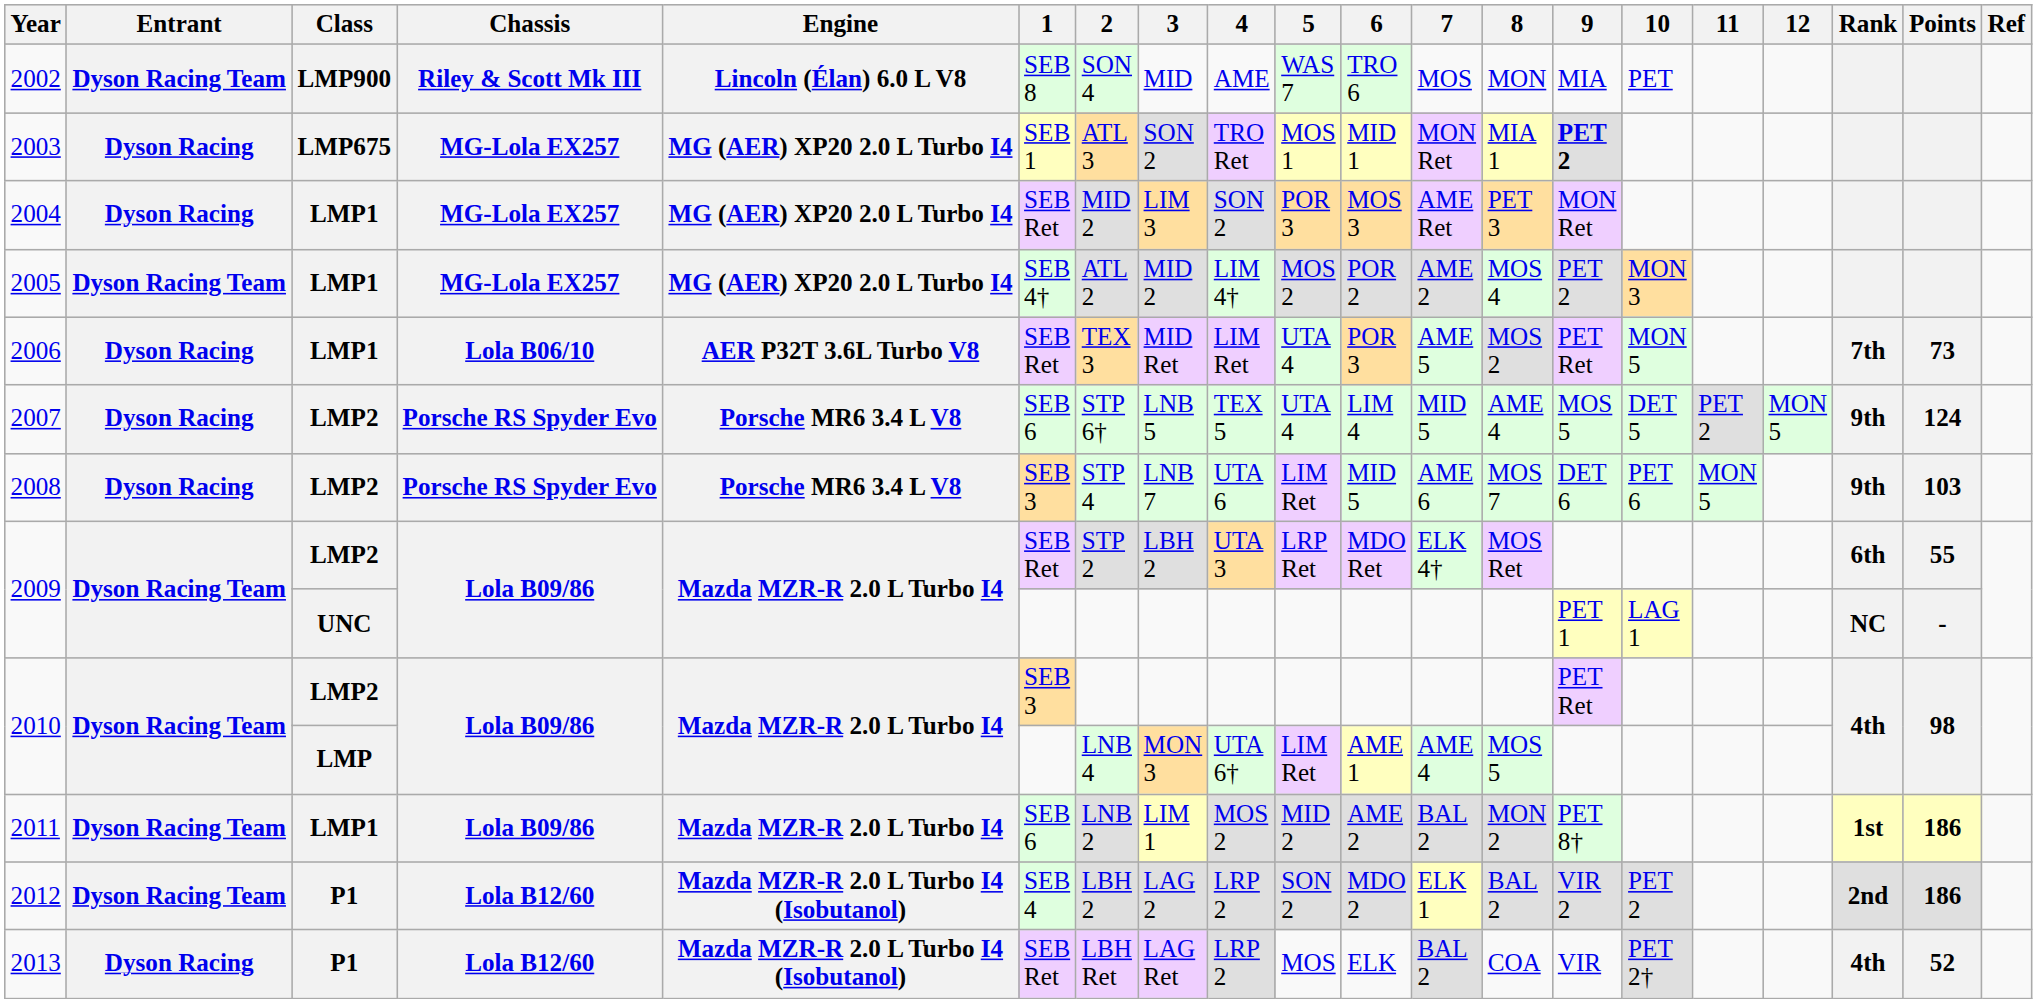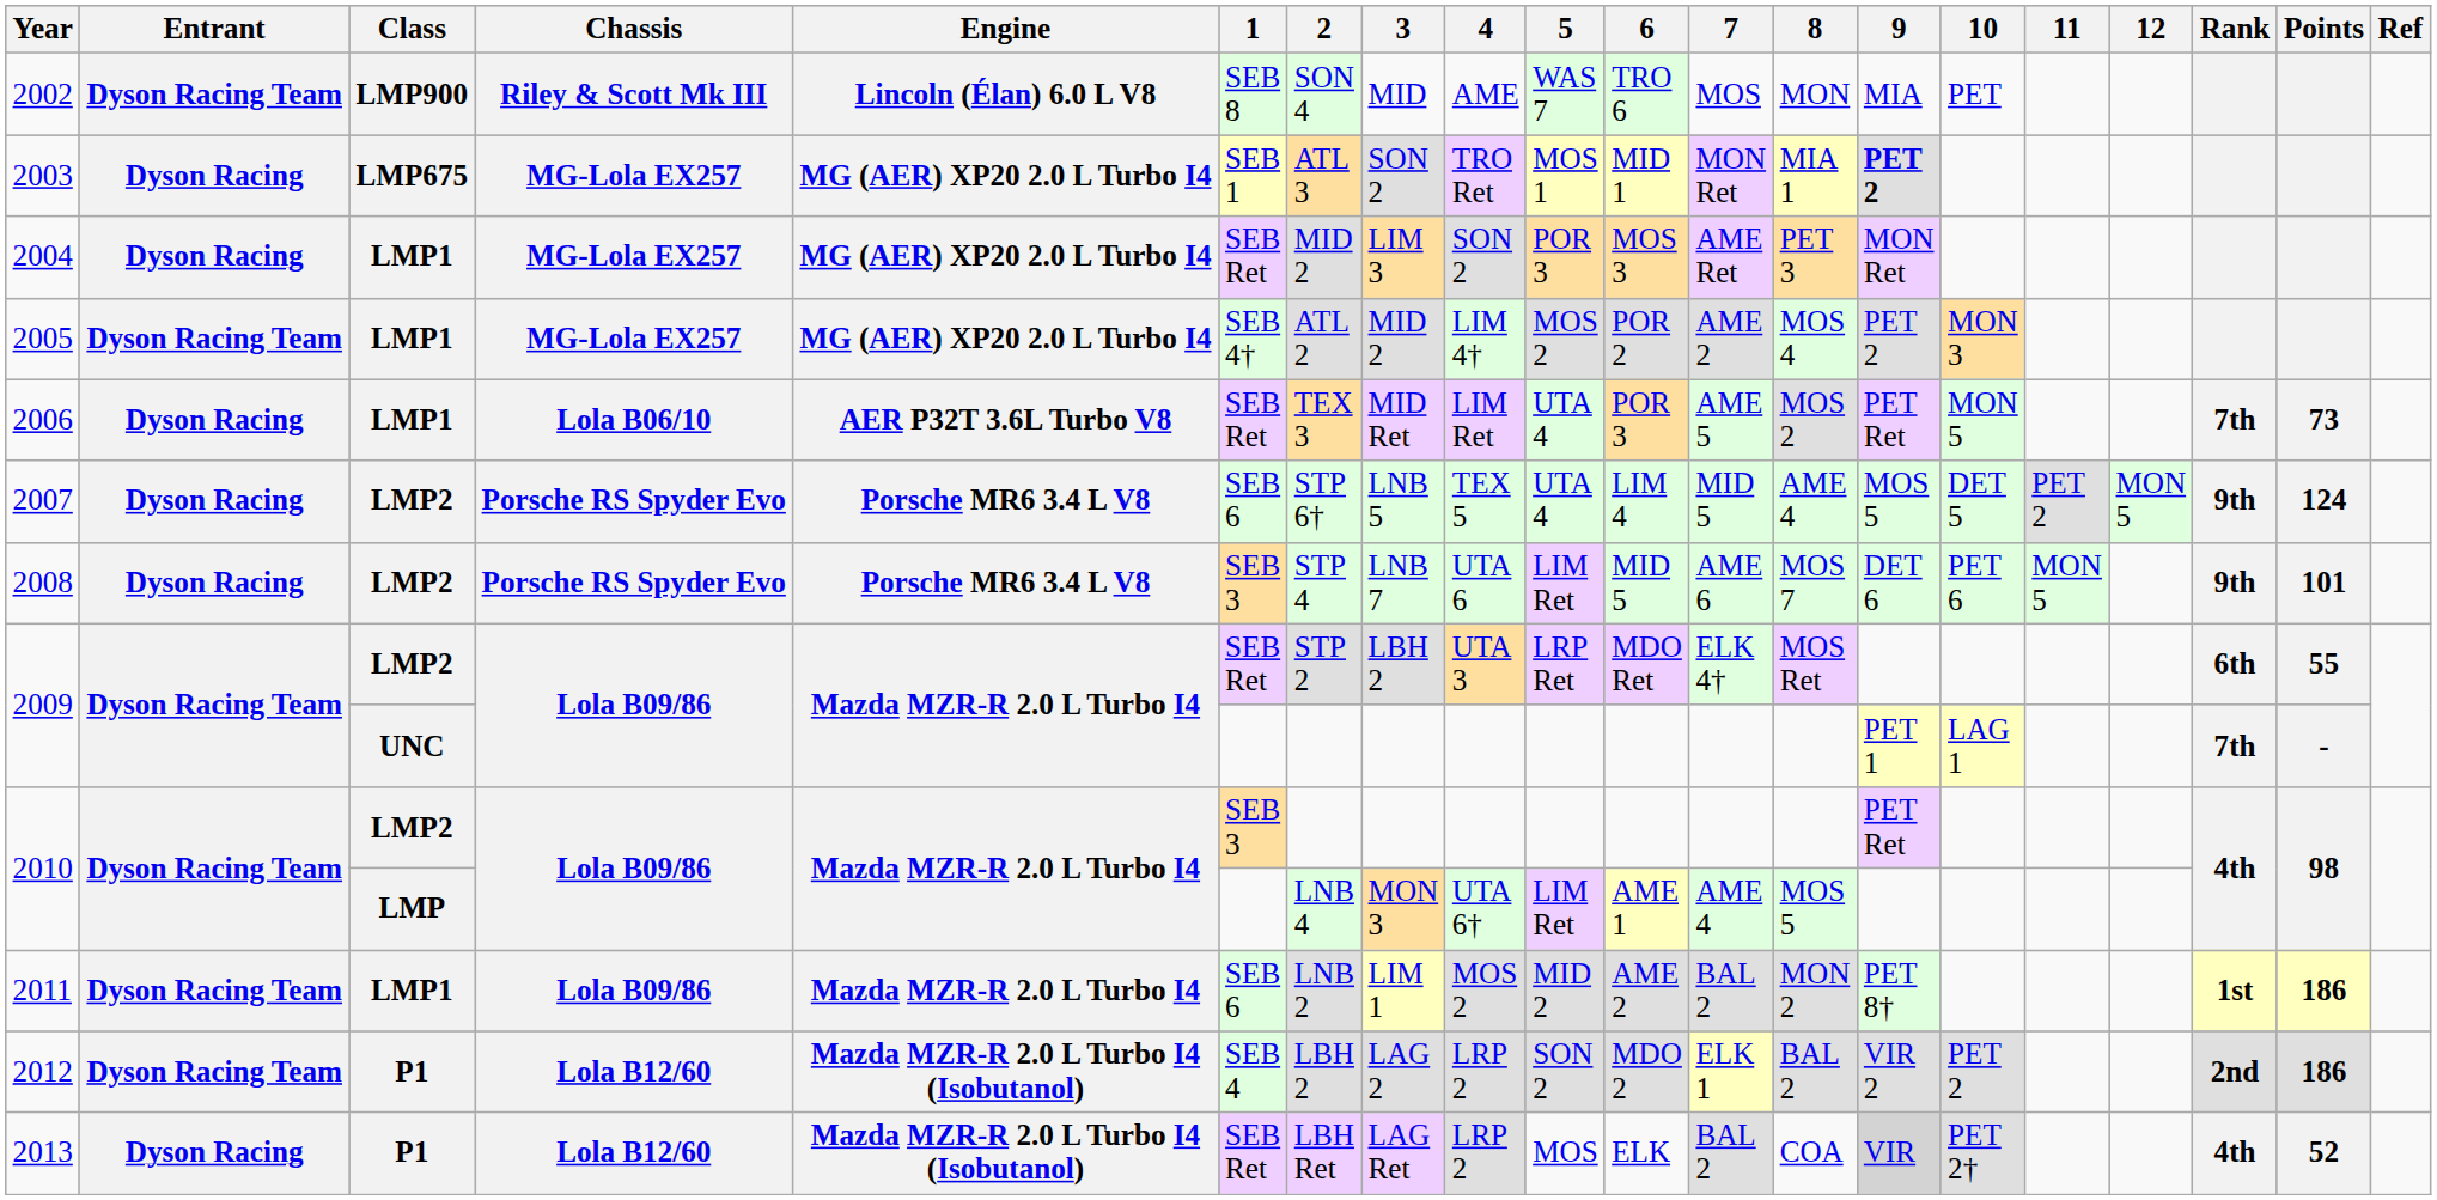 <table class="wikitable">
 <tr>
 <th>Year</th>
 <th>Entrant</th>
 <th>Class</th>
 <th>Chassis</th>
 <th>Engine</th>
 <th>1</th>
 <th>2</th>
 <th>3</th>
 <th>4</th>
 <th>5</th>
 <th>6</th>
 <th>7</th>
 <th>8</th>
 <th>9</th>
 <th>10</th>
 <th>11</th>
 <th>12</th>
 <th>Rank</th>
 <th>Points</th>
 <th>Ref</th>
 </tr>
 <tr>
 <td><a href='#'>2002</a></td>
 <th><a href='#'>Dyson Racing Team</a></th>
 <th>LMP900</th>
 <th><a href='#'>Riley & Scott Mk III</a></th>
 <th><a href='#'>Lincoln</a> (<a href='#'>Élan</a>) 6.0 L V8</th>
 <td style="background:#DFFFDF;"><a href='#'>SEB</a><br>8</td>
 <td style="background:#DFFFDF;"><a href='#'>SON</a><br>4</td>
 <td><a href='#'>MID</a><br></td>
 <td><a href='#'>AME</a><br></td>
 <td style="background:#DFFFDF;"><a href='#'>WAS</a><br>7</td>
 <td style="background:#DFFFDF;"><a href='#'>TRO</a><br>6</td>
 <td><a href='#'>MOS</a><br></td>
 <td><a href='#'>MON</a><br></td>
 <td><a href='#'>MIA</a><br></td>
 <td><a href='#'>PET</a><br></td>
 <td></td>
 <td></td>
 <th></th>
 <th></th>
 <td></td>
 </tr>
 <tr>
 <td><a href='#'>2003</a></td>
 <th><a href='#'>Dyson Racing</a></th>
 <th>LMP675</th>
 <th><a href='#'>MG-Lola EX257</a></th>
 <th><a href='#'>MG</a> (<a href='#'>AER</a>) XP20 2.0 L Turbo <a href='#'>I4</a></th>
 <td style="background:#FFFFBF;”"><a href='#'>SEB</a><br>1</td>
 <td style="background:#FFDF9F;”"><a href='#'>ATL</a><br>3</td>
 <td style="background:#DFDFDF;”"><a href='#'>SON</a><br>2</td>
 <td style="background:#EFCFFF;"><a href='#'>TRO</a><br>Ret</td>
 <td style="background:#FFFFBF;”"><a href='#'>MOS</a><br>1</td>
 <td style="background:#FFFFBF;”"><a href='#'>MID</a><br>1</td>
 <td style="background:#EFCFFF;"><a href='#'>MON</a><br>Ret</td>
 <td style="background:#FFFFBF;”"><a href='#'>MIA</a><br>1</td>
 <td style="background:#DFDFDF;”"><strong><a href='#'>PET</a><br>2</strong></td>
 <td></td>
 <td></td>
 <td></td>
 <th></th>
 <th></th>
 <td></td>
 </tr>
 <tr>
 <td><a href='#'>2004</a></td>
 <th><a href='#'>Dyson Racing</a></th>
 <th>LMP1</th>
 <th><a href='#'>MG-Lola EX257</a></th>
 <th><a href='#'>MG</a> (<a href='#'>AER</a>) XP20 2.0 L Turbo <a href='#'>I4</a></th>
 <td style="background:#EFCFFF;"><a href='#'>SEB</a><br>Ret</td>
 <td style="background:#DFDFDF;”"><a href='#'>MID</a><br>2</td>
 <td style="background:#FFDF9F;”"><a href='#'>LIM</a><br>3</td>
 <td style="background:#DFDFDF;”"><a href='#'>SON</a><br>2</td>
 <td style="background:#FFDF9F;”"><a href='#'>POR</a><br>3</td>
 <td style="background:#FFDF9F;”"><a href='#'>MOS</a><br>3</td>
 <td style="background:#EFCFFF;"><a href='#'>AME</a><br>Ret</td>
 <td style="background:#FFDF9F;”"><a href='#'>PET</a><br>3</td>
 <td style="background:#EFCFFF;"><a href='#'>MON</a><br>Ret</td>
 <td></td>
 <td></td>
 <td></td>
 <th></th>
 <th></th>
 <td></td>
 </tr>
 <tr>
 <td><a href='#'>2005</a></td>
 <th><a href='#'>Dyson Racing Team</a></th>
 <th>LMP1</th>
 <th><a href='#'>MG-Lola EX257</a></th>
 <th><a href='#'>MG</a> (<a href='#'>AER</a>) XP20 2.0 L Turbo <a href='#'>I4</a></th>
 <td style="background:#DFFFDF;"><a href='#'>SEB</a><br>4†</td>
 <td style="background:#DFDFDF;”"><a href='#'>ATL</a><br>2</td>
 <td style="background:#DFDFDF;”"><a href='#'>MID</a><br>2</td>
 <td style="background:#DFFFDF;"><a href='#'>LIM</a><br>4†</td>
 <td style="background:#DFDFDF;”"><a href='#'>MOS</a><br>2</td>
 <td style="background:#DFDFDF;”"><a href='#'>POR</a><br>2</td>
 <td style="background:#DFDFDF;”"><a href='#'>AME</a><br>2</td>
 <td style="background:#DFFFDF;"><a href='#'>MOS</a><br>4</td>
 <td style="background:#DFDFDF;”"><a href='#'>PET</a><br>2</td>
 <td style="background:#FFDF9F;”"><a href='#'>MON</a><br>3</td>
 <td></td>
 <td></td>
 <th></th>
 <th></th>
 <td></td>
 </tr>
 <tr>
 <td><a href='#'>2006</a></td>
 <th><a href='#'>Dyson Racing</a></th>
 <th>LMP1</th>
 <th><a href='#'>Lola B06/10</a></th>
 <th><a href='#'>AER</a> P32T 3.6L Turbo <a href='#'>V8</a></th>
 <td style="background:#EFCFFF;"><a href='#'>SEB</a><br>Ret</td>
 <td style="background:#FFDF9F;”"><a href='#'>TEX</a><br>3</td>
 <td style="background:#EFCFFF;"><a href='#'>MID</a><br>Ret</td>
 <td style="background:#EFCFFF;"><a href='#'>LIM</a><br>Ret</td>
 <td style="background:#DFFFDF;"><a href='#'>UTA</a><br>4</td>
 <td style="background:#FFDF9F;”"><a href='#'>POR</a><br>3</td>
 <td style="background:#DFFFDF;"><a href='#'>AME</a><br>5</td>
 <td style="background:#DFDFDF;”"><a href='#'>MOS</a><br>2</td>
 <td style="background:#EFCFFF;"><a href='#'>PET</a><br>Ret</td>
 <td style="background:#DFFFDF;"><a href='#'>MON</a><br>5</td>
 <td></td>
 <td></td>
 <th>7th</th>
 <th>73</th>
 <td></td>
 </tr>
 <tr>
 <td><a href='#'>2007</a></td>
 <th><a href='#'>Dyson Racing</a></th>
 <th>LMP2</th>
 <th><a href='#'>Porsche RS Spyder Evo</a></th>
 <th><a href='#'>Porsche</a> MR6 3.4 L <a href='#'>V8</a></th>
 <td style="background:#DFFFDF;"><a href='#'>SEB</a><br>6</td>
 <td style="background:#DFFFDF;"><a href='#'>STP</a><br>6†</td>
 <td style="background:#DFFFDF;"><a href='#'>LNB</a><br>5</td>
 <td style="background:#DFFFDF;"><a href='#'>TEX</a><br>5</td>
 <td style="background:#DFFFDF;"><a href='#'>UTA</a><br>4</td>
 <td style="background:#DFFFDF;"><a href='#'>LIM</a><br>4</td>
 <td style="background:#DFFFDF;"><a href='#'>MID</a><br>5</td>
 <td style="background:#DFFFDF;"><a href='#'>AME</a><br>4</td>
 <td style="background:#DFFFDF;"><a href='#'>MOS</a><br>5</td>
 <td style="background:#DFFFDF;"><a href='#'>DET</a><br>5</td>
 <td style="background:#DFDFDF;”"><a href='#'>PET</a><br>2</td>
 <td style="background:#DFFFDF;"><a href='#'>MON</a><br>5</td>
 <th>9th</th>
 <th>124</th>
 <td></td>
 </tr>
 <tr>
 <td><a href='#'>2008</a></td>
 <th><a href='#'>Dyson Racing</a></th>
 <th>LMP2</th>
 <th><a href='#'>Porsche RS Spyder Evo</a></th>
 <th><a href='#'>Porsche</a> MR6 3.4 L <a href='#'>V8</a></th>
 <td style="background:#FFDF9F;”"><a href='#'>SEB</a><br>3</td>
 <td style="background:#DFFFDF;"><a href='#'>STP</a><br>4</td>
 <td style="background:#DFFFDF;"><a href='#'>LNB</a><br>7</td>
 <td style="background:#DFFFDF;"><a href='#'>UTA</a><br>6</td>
 <td style="background:#EFCFFF;"><a href='#'>LIM</a><br>Ret</td>
 <td style="background:#DFFFDF;"><a href='#'>MID</a><br>5</td>
 <td style="background:#DFFFDF;"><a href='#'>AME</a><br>6</td>
 <td style="background:#DFFFDF;"><a href='#'>MOS</a><br>7</td>
 <td style="background:#DFFFDF;"><a href='#'>DET</a><br>6</td>
 <td style="background:#DFFFDF;"><a href='#'>PET</a><br>6</td>
 <td style="background:#DFFFDF;"><a href='#'>MON</a><br>5</td>
 <td></td>
 <th>9th</th>
-<th>103</th>
+<th>101</th>
 <td></td>
 </tr>
 <tr>
 <td rowspan="2"><a href='#'>2009</a></td>
 <th rowspan="2"><a href='#'>Dyson Racing Team</a></th>
 <th>LMP2</th>
 <th rowspan="2"><a href='#'>Lola B09/86</a></th>
 <th rowspan="2"><a href='#'>Mazda</a> <a href='#'>MZR-R</a> 2.0 L Turbo <a href='#'>I4</a></th>
 <td style="background:#EFCFFF;"><a href='#'>SEB</a><br>Ret</td>
 <td style="background:#DFDFDF;”"><a href='#'>STP</a><br>2</td>
 <td style="background:#DFDFDF;”"><a href='#'>LBH</a><br>2</td>
 <td style="background:#FFDF9F;”"><a href='#'>UTA</a><br>3</td>
 <td style="background:#EFCFFF;"><a href='#'>LRP</a><br>Ret</td>
 <td style="background:#EFCFFF;"><a href='#'>MDO</a><br>Ret</td>
 <td style="background:#DFFFDF;"><a href='#'>ELK</a><br>4†</td>
 <td style="background:#EFCFFF;"><a href='#'>MOS</a><br>Ret</td>
 <td></td>
 <td></td>
 <td></td>
 <td></td>
 <th>6th</th>
 <th>55</th>
 <td rowspan="2"></td>
 </tr>
 <tr>
 <th>UNC</th>
 <td></td>
 <td></td>
 <td></td>
 <td></td>
 <td></td>
 <td></td>
 <td></td>
 <td></td>
 <td style="background:#FFFFBF;”"><a href='#'>PET</a><br>1</td>
 <td style="background:#FFFFBF;”"><a href='#'>LAG</a><br>1</td>
 <td></td>
 <td></td>
-<th>NC</th>
+<th>7th</th>
 <th>-</th>
 </tr>
 <tr>
 <td rowspan="2"><a href='#'>2010</a></td>
 <th rowspan="2"><a href='#'>Dyson Racing Team</a></th>
 <th>LMP2</th>
 <th rowspan="2"><a href='#'>Lola B09/86</a></th>
 <th rowspan="2"><a href='#'>Mazda</a> <a href='#'>MZR-R</a> 2.0 L Turbo <a href='#'>I4</a></th>
 <td style="background:#FFDF9F;”"><a href='#'>SEB</a><br>3</td>
 <td></td>
 <td></td>
 <td></td>
 <td></td>
 <td></td>
 <td></td>
 <td></td>
 <td style="background:#EFCFFF;"><a href='#'>PET</a><br>Ret</td>
 <td></td>
 <td></td>
 <td></td>
 <th rowspan="2">4th</th>
 <th rowspan="2">98</th>
 <td rowspan="2"></td>
 </tr>
 <tr>
 <th>LMP</th>
 <td></td>
 <td style="background:#DFFFDF;"><a href='#'>LNB</a><br>4</td>
 <td style="background:#FFDF9F;”"><a href='#'>MON</a><br>3</td>
 <td style="background:#DFFFDF;"><a href='#'>UTA</a><br>6†</td>
 <td style="background:#EFCFFF;"><a href='#'>LIM</a><br>Ret</td>
 <td style="background:#FFFFBF;”"><a href='#'>AME</a><br>1</td>
 <td style="background:#DFFFDF;"><a href='#'>AME</a><br>4</td>
 <td style="background:#DFFFDF;"><a href='#'>MOS</a><br>5</td>
 <td></td>
 <td></td>
 <td></td>
 <td></td>
 </tr>
 <tr>
 <td><a href='#'>2011</a></td>
 <th><a href='#'>Dyson Racing Team</a></th>
 <th>LMP1</th>
 <th><a href='#'>Lola B09/86</a></th>
 <th><a href='#'>Mazda</a> <a href='#'>MZR-R</a> 2.0 L Turbo <a href='#'>I4</a></th>
 <td style="background:#DFFFDF;"><a href='#'>SEB</a><br>6</td>
 <td style="background:#DFDFDF;”"><a href='#'>LNB</a><br>2</td>
 <td style="background:#FFFFBF;”"><a href='#'>LIM</a><br>1</td>
 <td style="background:#DFDFDF;”"><a href='#'>MOS</a><br>2</td>
 <td style="background:#DFDFDF;”"><a href='#'>MID</a><br>2</td>
 <td style="background:#DFDFDF;”"><a href='#'>AME</a><br>2</td>
 <td style="background:#DFDFDF;”"><a href='#'>BAL</a><br>2</td>
 <td style="background:#DFDFDF;”"><a href='#'>MON</a><br>2</td>
 <td style="background:#DFFFDF;"><a href='#'>PET</a><br>8†</td>
 <td></td>
 <td></td>
 <td></td>
 <th style="background:#FFFFBF;”">1st</th>
 <th style="background:#FFFFBF;”">186</th>
 <td></td>
 </tr>
 <tr>
 <td><a href='#'>2012</a></td>
 <th><a href='#'>Dyson Racing Team</a></th>
 <th>P1</th>
 <th><a href='#'>Lola B12/60</a></th>
 <th><a href='#'>Mazda</a> <a href='#'>MZR-R</a> 2.0 L Turbo <a href='#'>I4</a><br>(<a href='#'>Isobutanol</a>)</th>
 <td style="background:#DFFFDF;"><a href='#'>SEB</a><br>4</td>
 <td style="background:#DFDFDF;”"><a href='#'>LBH</a><br>2</td>
 <td style="background:#DFDFDF;”"><a href='#'>LAG</a><br>2</td>
 <td style="background:#DFDFDF;”"><a href='#'>LRP</a><br>2</td>
 <td style="background:#DFDFDF;”"><a href='#'>SON</a><br>2</td>
 <td style="background:#DFDFDF;”"><a href='#'>MDO</a><br>2</td>
 <td style="background:#FFFFBF;”"><a href='#'>ELK</a><br>1</td>
 <td style="background:#DFDFDF;”"><a href='#'>BAL</a><br>2</td>
 <td style="background:#DFDFDF;”"><a href='#'>VIR</a><br>2</td>
 <td style="background:#DFDFDF;”"><a href='#'>PET</a><br>2</td>
 <td></td>
 <td></td>
 <th style="background:#DFDFDF;”">2nd</th>
 <th style="background:#DFDFDF;”">186</th>
 <td></td>
 </tr>
 <tr>
 <td><a href='#'>2013</a></td>
 <th><a href='#'>Dyson Racing</a></th>
 <th>P1</th>
 <th><a href='#'>Lola B12/60</a></th>
 <th><a href='#'>Mazda</a> <a href='#'>MZR-R</a> 2.0 L Turbo <a href='#'>I4</a><br>(<a href='#'>Isobutanol</a>)</th>
 <td style="background:#EFCFFF;"><a href='#'>SEB</a><br>Ret</td>
 <td style="background:#EFCFFF;"><a href='#'>LBH</a><br>Ret</td>
 <td style="background:#EFCFFF;"><a href='#'>LAG</a><br>Ret</td>
 <td style="background:#DFDFDF;”"><a href='#'>LRP</a><br>2</td>
 <td><a href='#'>MOS</a><br></td>
 <td><a href='#'>ELK</a><br></td>
 <td style="background:#DFDFDF;”"><a href='#'>BAL</a><br>2</td>
 <td><a href='#'>COA</a><br></td>
-<td><a href='#'>VIR</a><br></td>
+<td style="background: lightgrey;"><a href='#'>VIR</a><br></td>
 <td style="background:#DFDFDF;”"><a href='#'>PET</a><br>2†</td>
 <td></td>
 <td></td>
 <th>4th</th>
 <th>52</th>
 <td></td>
 </tr>
 </table>
